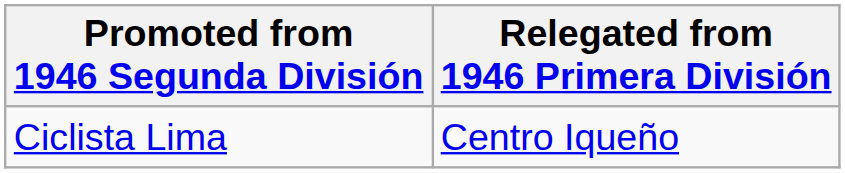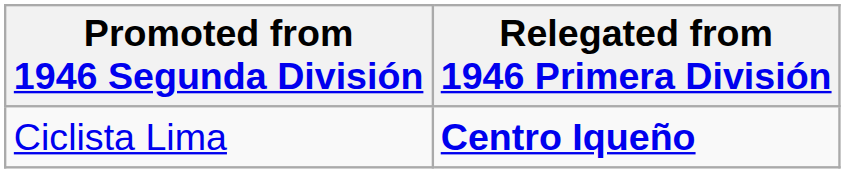 <table class="wikitable">
 <tr>
 <th>Promoted from<br><a href='#'>1946 Segunda División</a></th>
 <th>Relegated from<br><a href='#'>1946 Primera División</a></th>
 </tr>
 <tr>
 <td> <a href='#'>Ciclista Lima</a> </td>
-<td> <a href='#'>Centro Iqueño</a> </td>
+<td><strong> <a href='#'>Centro Iqueño</a> </strong></td>
 </tr>
 </table>
